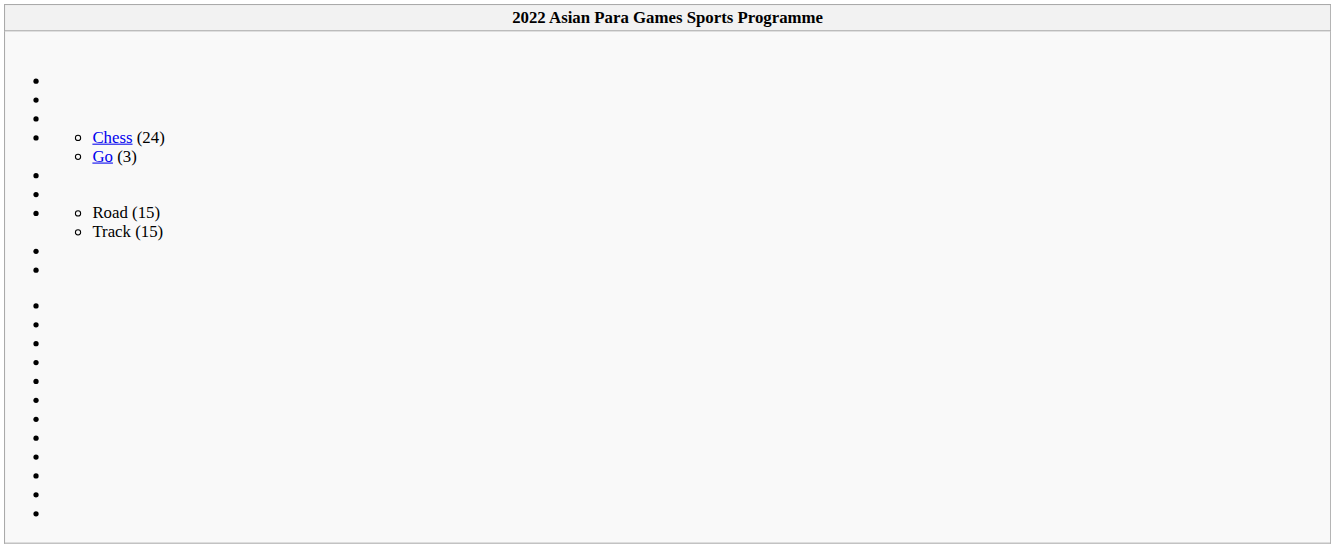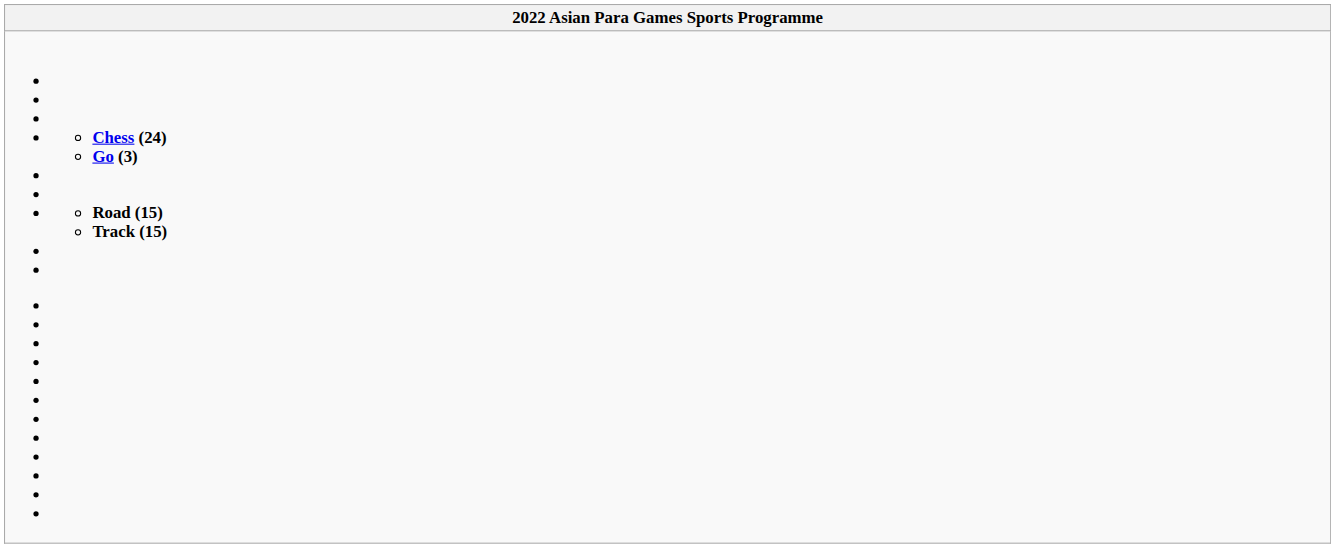 <table class="wikitable" width=100%>
 <tr>
 <th>2022 Asian Para Games Sports Programme</th>
 </tr>
 <tr>
-<td><br>  <ul><li> </li><li> </li><li> </li><li> <ul><li><a href='#'>Chess</a> (24)</li><li><a href='#'>Go</a> (3)</li></ul></li><li> </li><li> </li><li><ul><li> Road (15)</li><li> Track (15)</li></ul></li><li> </li><li> </li></ul><ul><li> </li><li> </li><li></li><li> </li><li> </li><li> </li><li> </li><li> </li><li> </li><li> </li><li> </li><li> </li></ul></td>
+<td><strong><br>  <ul><li> </li><li> </li><li> </li><li> <ul><li><a href='#'>Chess</a> (24)</li><li><a href='#'>Go</a> (3)</li></ul></li><li> </li><li> </li><li><ul><li> Road (15)</li><li> Track (15)</li></ul></li><li> </li><li> </li></ul><ul><li> </li><li> </li><li></li><li> </li><li> </li><li> </li><li> </li><li> </li><li> </li><li> </li><li> </li><li> </li></ul></strong></td>
 </tr>
 </table>
